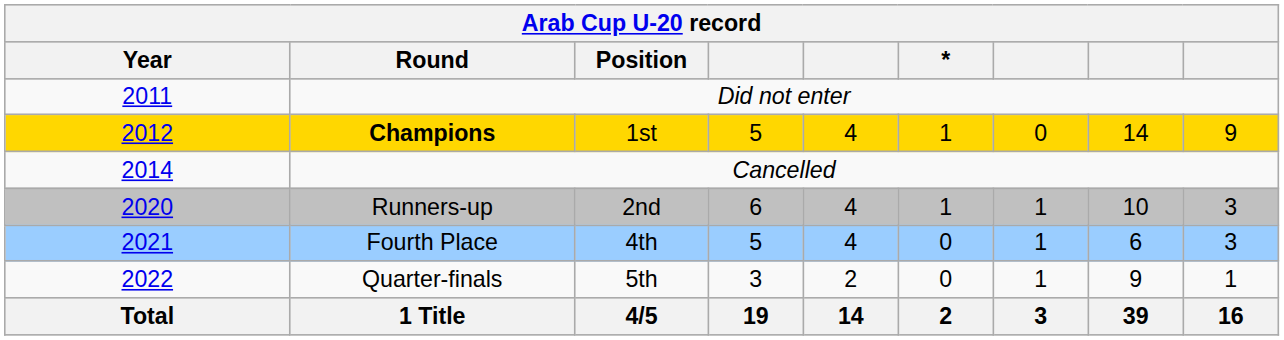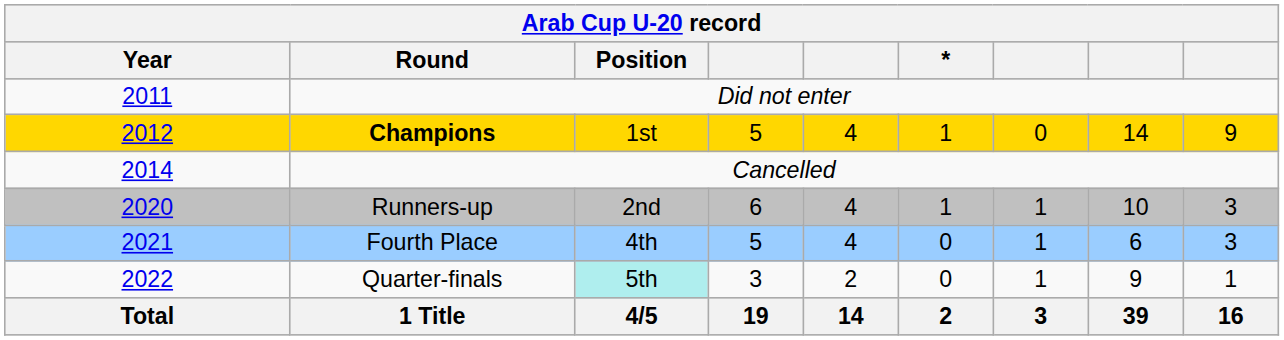 <table class="wikitable" width="50%" style="font-size:90%; text-align:center;">
 <tr>
 <th colspan="9"><a href='#'>Arab Cup U-20</a> record</th>
 </tr>
 <tr>
 <th width="15%">Year</th>
 <th width="15%">Round</th>
 <th width="5%">Position</th>
 <th width="5%"></th>
 <th width="5%"></th>
 <th width="5%">*</th>
 <th width="5%"></th>
 <th width="5%"></th>
 <th width="5%"></th>
 </tr>
 <tr>
 <td> <a href='#'>2011</a></td>
 <td colspan="8" rowspan="1"><em>Did not enter</em></td>
 </tr>
 <tr bgcolor="Gold">
 <td> <a href='#'>2012</a></td>
 <td><strong>Champions</strong></td>
 <td>1st</td>
 <td>5</td>
 <td>4</td>
 <td>1</td>
 <td>0</td>
 <td>14</td>
 <td>9</td>
 </tr>
 <tr>
 <td> <a href='#'>2014</a></td>
 <td colspan="8" rowspan="1"><em>Cancelled</em></td>
 </tr>
 <tr bgcolor="Silver">
 <td> <a href='#'>2020</a></td>
 <td>Runners-up</td>
 <td>2nd</td>
 <td>6</td>
 <td>4</td>
 <td>1</td>
 <td>1</td>
 <td>10</td>
 <td>3</td>
 </tr>
 <tr style="background:#9acdff;">
 <td> <a href='#'>2021</a></td>
 <td>Fourth Place</td>
 <td>4th</td>
 <td>5</td>
 <td>4</td>
 <td>0</td>
 <td>1</td>
 <td>6</td>
 <td>3</td>
 </tr>
 <tr>
 <td> <a href='#'>2022</a></td>
 <td>Quarter-finals</td>
-<td>5th</td>
+<td style="background: paleturquoise;">5th</td>
 <td>3</td>
 <td>2</td>
 <td>0</td>
 <td>1</td>
 <td>9</td>
 <td>1</td>
 </tr>
 <tr>
 <th>Total</th>
 <th>1 Title</th>
 <th>4/5</th>
 <th>19</th>
 <th>14</th>
 <th>2</th>
 <th>3</th>
 <th>39</th>
 <th>16</th>
 </tr>
 </table>
